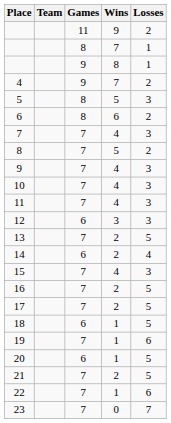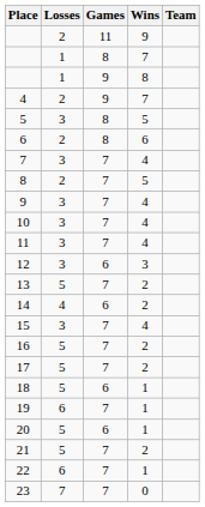 <table class="wikitable" style="text-align:center;">
 <tr>
 <th>Place</th>
-<th>Team</th>
+<th>Losses</th>
 <th>Games</th>
 <th>Wins</th>
-<th>Losses</th>
+<th>Team</th>
 </tr>
 <tr>
 <td></td>
-<td align=left></td>
+<td>2</td>
 <td>11</td>
 <td>9</td>
-<td>2</td>
+<td align=left></td>
 </tr>
 <tr>
 <td></td>
-<td align=left></td>
+<td>1</td>
 <td>8</td>
 <td>7</td>
-<td>1</td>
+<td align=left></td>
 </tr>
 <tr>
 <td></td>
-<td align=left></td>
+<td>1</td>
 <td>9</td>
 <td>8</td>
-<td>1</td>
+<td align=left></td>
 </tr>
 <tr>
 <td>4</td>
-<td align=left></td>
+<td>2</td>
 <td>9</td>
 <td>7</td>
-<td>2</td>
+<td align=left></td>
 </tr>
 <tr>
 <td>5</td>
-<td align=left></td>
+<td>3</td>
 <td>8</td>
 <td>5</td>
-<td>3</td>
+<td align=left></td>
 </tr>
 <tr>
 <td>6</td>
-<td align=left></td>
+<td>2</td>
 <td>8</td>
 <td>6</td>
-<td>2</td>
+<td align=left></td>
 </tr>
 <tr>
 <td>7</td>
-<td align=left></td>
+<td>3</td>
 <td>7</td>
 <td>4</td>
-<td>3</td>
+<td align=left></td>
 </tr>
 <tr>
 <td>8</td>
-<td align=left></td>
+<td>2</td>
 <td>7</td>
 <td>5</td>
-<td>2</td>
+<td align=left></td>
 </tr>
 <tr>
 <td>9</td>
-<td align=left></td>
+<td>3</td>
 <td>7</td>
 <td>4</td>
-<td>3</td>
+<td align=left></td>
 </tr>
 <tr>
 <td>10</td>
-<td align=left></td>
+<td>3</td>
 <td>7</td>
 <td>4</td>
-<td>3</td>
+<td align=left></td>
 </tr>
 <tr>
 <td>11</td>
-<td align=left></td>
+<td>3</td>
 <td>7</td>
 <td>4</td>
-<td>3</td>
+<td align=left></td>
 </tr>
 <tr>
 <td>12</td>
-<td align=left></td>
+<td>3</td>
 <td>6</td>
 <td>3</td>
-<td>3</td>
+<td align=left></td>
 </tr>
 <tr>
 <td>13</td>
-<td align=left></td>
+<td>5</td>
 <td>7</td>
 <td>2</td>
-<td>5</td>
+<td align=left></td>
 </tr>
 <tr>
 <td>14</td>
-<td align=left></td>
+<td>4</td>
 <td>6</td>
 <td>2</td>
-<td>4</td>
+<td align=left></td>
 </tr>
 <tr>
 <td>15</td>
-<td align=left></td>
+<td>3</td>
 <td>7</td>
 <td>4</td>
-<td>3</td>
+<td align=left></td>
 </tr>
 <tr>
 <td>16</td>
-<td align=left></td>
+<td>5</td>
 <td>7</td>
 <td>2</td>
-<td>5</td>
+<td align=left></td>
 </tr>
 <tr>
 <td>17</td>
-<td align=left></td>
+<td>5</td>
 <td>7</td>
 <td>2</td>
-<td>5</td>
+<td align=left></td>
 </tr>
 <tr>
 <td>18</td>
-<td align=left></td>
+<td>5</td>
 <td>6</td>
 <td>1</td>
-<td>5</td>
+<td align=left></td>
 </tr>
 <tr>
 <td>19</td>
-<td align=left></td>
+<td>6</td>
 <td>7</td>
 <td>1</td>
-<td>6</td>
+<td align=left></td>
 </tr>
 <tr>
 <td>20</td>
-<td align=left></td>
+<td>5</td>
 <td>6</td>
 <td>1</td>
-<td>5</td>
+<td align=left></td>
 </tr>
 <tr>
 <td>21</td>
-<td align=left></td>
+<td>5</td>
 <td>7</td>
 <td>2</td>
-<td>5</td>
+<td align=left></td>
 </tr>
 <tr>
 <td>22</td>
-<td align=left></td>
+<td>6</td>
 <td>7</td>
 <td>1</td>
-<td>6</td>
+<td align=left></td>
 </tr>
 <tr>
 <td>23</td>
-<td align=left></td>
+<td>7</td>
 <td>7</td>
 <td>0</td>
-<td>7</td>
+<td align=left></td>
 </tr>
 </table>
